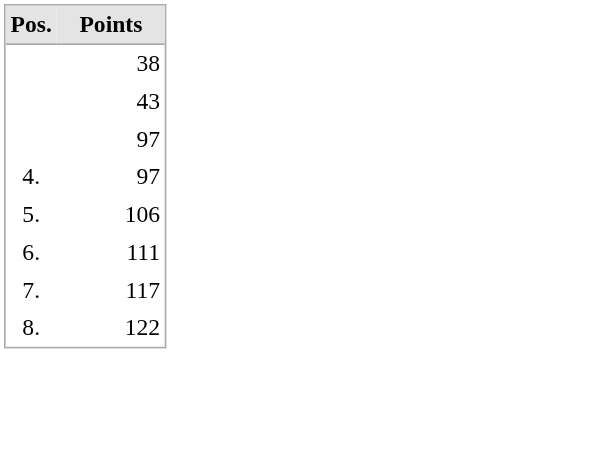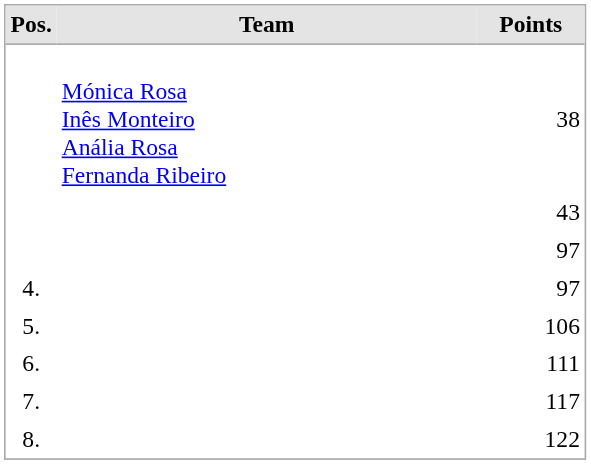 <table cellspacing="0" cellpadding="3" style="border:1px solid #AAAAAA;font-size:90%">
 <tr bgcolor="#E4E4E4">
 <th style="border-bottom:1px solid #AAAAAA" width=10>Pos.</th>
+<th style="border-bottom:1px solid #AAAAAA" width=250>Team</th>
 <th style="border-bottom:1px solid #AAAAAA" width=60>Points</th>
 </tr>
 <tr align="center">
 <td align="center" valign="top"></td>
+<td align="left"> <br> <a href='#'>Mónica Rosa</a> <br> <a href='#'>Inês Monteiro</a> <br> <a href='#'>Anália Rosa</a> <br> <a href='#'>Fernanda Ribeiro</a> <br></td>
 <td align="right">38</td>
 </tr>
 <tr align="center">
 <td align="center" valign="top"></td>
+<td align="left"></td>
 <td align="right">43</td>
 </tr>
 <tr align="center">
 <td align="center" valign="top"></td>
+<td align="left"> <br></td>
 <td align="right">97</td>
 </tr>
 <tr align="center">
 <td align="center" valign="top">4.</td>
+<td align="left"> <br></td>
 <td align="right">97</td>
 </tr>
 <tr align="center">
 <td align="center" valign="top">5.</td>
+<td align="left"></td>
 <td align="right">106</td>
 </tr>
 <tr align="center">
 <td align="center" valign="top">6.</td>
+<td align="left"></td>
 <td align="right">111</td>
 </tr>
 <tr align="center">
 <td align="center" valign="top">7.</td>
+<td align="left"></td>
 <td align="right">117</td>
 </tr>
 <tr align="center">
 <td align="center" valign="top">8.</td>
+<td align="left"></td>
 <td align="right">122</td>
 </tr>
 </table>
